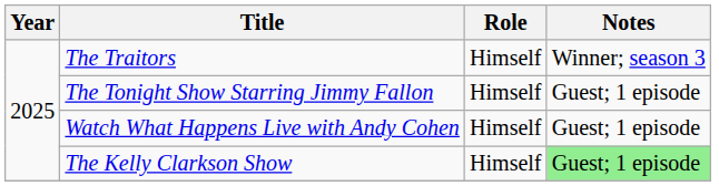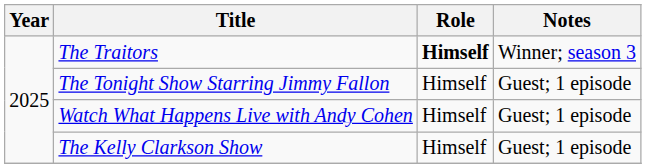 <table class="wikitable sortable">
 <tr>
 <th>Year</th>
 <th>Title</th>
 <th>Role</th>
 <th class="unsortable">Notes</th>
 </tr>
 <tr>
 <td rowspan="4”">2025</td>
 <td><a href='#'><em>The Traitors</em></a></td>
-<td>Himself</td>
+<td><strong>Himself</strong></td>
 <td>Winner; <a href='#'>season 3</a></td>
 </tr>
 <tr>
 <td><em><a href='#'>The Tonight Show Starring Jimmy Fallon</a></em></td>
 <td>Himself</td>
 <td>Guest; 1 episode</td>
 </tr>
 <tr>
 <td><em><a href='#'>Watch What Happens Live with Andy Cohen</a></em></td>
 <td>Himself</td>
 <td>Guest; 1 episode</td>
 </tr>
 <tr>
 <td><em><a href='#'>The Kelly Clarkson Show</a></em></td>
 <td>Himself</td>
-<td style="background: lightgreen;">Guest; 1 episode</td>
+<td>Guest; 1 episode</td>
 </tr>
 <tr>
 </tr>
 </table>
